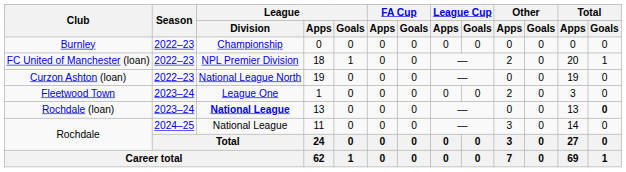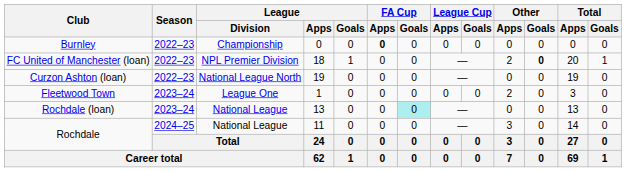 <table class="wikitable" style="text-align: center">
 <tr>
 <th rowspan="2">Club</th>
 <th rowspan="2">Season</th>
 <th colspan="3">League</th>
 <th colspan="2"><a href='#'>FA Cup</a></th>
 <th colspan="2"><a href='#'>League Cup</a></th>
 <th colspan="2">Other</th>
 <th colspan="2">Total</th>
 </tr>
 <tr>
 <th>Division</th>
 <th>Apps</th>
 <th>Goals</th>
 <th>Apps</th>
 <th>Goals</th>
 <th>Apps</th>
 <th>Goals</th>
 <th>Apps</th>
 <th>Goals</th>
 <th>Apps</th>
 <th>Goals</th>
 </tr>
 <tr>
 <td><a href='#'>Burnley</a></td>
 <td><a href='#'>2022–23</a></td>
 <td><a href='#'>Championship</a></td>
 <td>0</td>
 <td>0</td>
-<td>0</td>
+<td><strong>0</strong></td>
 <td>0</td>
 <td>0</td>
 <td>0</td>
 <td>0</td>
 <td>0</td>
 <td>0</td>
 <td>0</td>
 </tr>
 <tr>
 <td><a href='#'>FC United of Manchester</a> (loan)</td>
 <td><a href='#'>2022–23</a></td>
 <td><a href='#'>NPL Premier Division</a></td>
 <td>18</td>
 <td>1</td>
 <td>0</td>
 <td>0</td>
 <td colspan="2">—</td>
 <td>2</td>
-<td>0</td>
+<td><strong>0</strong></td>
 <td>20</td>
 <td>1</td>
 </tr>
 <tr>
 <td><a href='#'>Curzon Ashton</a> (loan)</td>
 <td><a href='#'>2022–23</a></td>
 <td><a href='#'>National League North</a></td>
 <td>19</td>
 <td>0</td>
 <td>0</td>
 <td>0</td>
 <td colspan="2">—</td>
 <td>0</td>
 <td>0</td>
 <td>19</td>
 <td>0</td>
 </tr>
 <tr>
 <td><a href='#'>Fleetwood Town</a></td>
 <td><a href='#'>2023–24</a></td>
 <td><a href='#'>League One</a></td>
 <td>1</td>
 <td>0</td>
 <td>0</td>
 <td>0</td>
 <td>0</td>
 <td>0</td>
 <td>2</td>
 <td>0</td>
 <td>3</td>
 <td>0</td>
 </tr>
 <tr>
 <td><a href='#'>Rochdale</a> (loan)</td>
 <td><a href='#'>2023–24</a></td>
-<td><strong><a href='#'>National League</a></strong></td>
+<td><a href='#'>National League</a></td>
 <td>13</td>
 <td>0</td>
 <td>0</td>
-<td>0</td>
+<td style="background: paleturquoise;">0</td>
 <td colspan="2">—</td>
 <td>0</td>
 <td>0</td>
 <td>13</td>
-<td><strong>0</strong></td>
+<td>0</td>
 </tr>
 <tr>
 <td rowspan="2">Rochdale</td>
 <td><a href='#'>2024–25</a></td>
 <td>National League</td>
 <td>11</td>
 <td>0</td>
 <td>0</td>
 <td>0</td>
 <td colspan="2">—</td>
 <td>3</td>
 <td>0</td>
 <td>14</td>
 <td>0</td>
 </tr>
 <tr>
 <th colspan="2">Total</th>
 <th>24</th>
 <th>0</th>
 <th>0</th>
 <th>0</th>
 <th>0</th>
 <th>0</th>
 <th>3</th>
 <th>0</th>
 <th>27</th>
 <th>0</th>
 </tr>
 <tr>
 <th colspan="3">Career total</th>
 <th>62</th>
 <th>1</th>
 <th>0</th>
 <th>0</th>
 <th>0</th>
 <th>0</th>
 <th>7</th>
 <th>0</th>
 <th>69</th>
 <th>1</th>
 </tr>
 </table>
